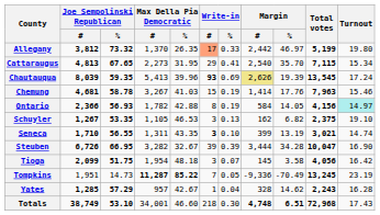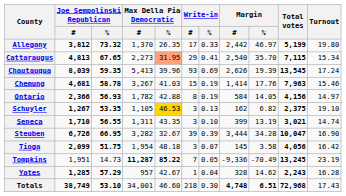 <table class="wikitable sortable" style="text-align:right;font-size:90%;line-height:1.3">
 <tr>
 <th rowspan="2">County</th>
 <th colspan="2"><a href='#'>Joe Sempolinski</a><br><a href='#'>Republican</a></th>
 <th colspan="2">Max Della Pia<br><a href='#'>Democratic</a></th>
 <th colspan="2"><a href='#'>Write-in</a></th>
 <th colspan="2">Margin</th>
 <th rowspan="2">Total<br>votes</th>
 <th rowspan="2">Turnout</th>
 </tr>
 <tr>
 <th data-sort-type="number">#</th>
 <th data-sort-type="number">%</th>
 <th data-sort-type="number">#</th>
 <th data-sort-type="number">%</th>
 <th data-sort-type="number">#</th>
 <th data-sort-type="number">%</th>
 <th data-sort-type="number">#</th>
 <th data-sort-type="number">%</th>
 </tr>
 <tr>
 <th><a href='#'>Allegany</a></th>
 <td><strong>3,812</strong></td>
 <td><strong>73.32</strong></td>
 <td>1,370</td>
 <td>26.35</td>
-<td style="background: lightsalmon;">17</td>
+<td>17</td>
 <td>0.33</td>
 <td>2,442</td>
 <td>46.97</td>
 <td><strong>5,199</strong></td>
 <td>19.80</td>
 </tr>
 <tr>
 <th><a href='#'>Cattaraugus</a></th>
 <td><strong>4,813</strong></td>
 <td><strong>67.65</strong></td>
 <td>2,273</td>
-<td>31.95</td>
+<td style="background: lightsalmon;">31.95</td>
 <td>29</td>
 <td>0.41</td>
 <td>2,540</td>
 <td>35.70</td>
 <td><strong>7,115</strong></td>
 <td>15.34</td>
 </tr>
 <tr>
 <th><a href='#'>Chautauqua</a></th>
 <td><strong>8,039</strong></td>
 <td><strong>59.35</strong></td>
 <td>5,413</td>
 <td>39.96</td>
-<td><strong>93</strong></td>
+<td>93</td>
 <td>0.69</td>
-<td style="background: khaki;">2,626</td>
+<td>2,626</td>
 <td>19.39</td>
 <td><strong>13,545</strong></td>
 <td>17.24</td>
 </tr>
 <tr>
 <th><a href='#'>Chemung</a></th>
 <td><strong>4,681</strong></td>
 <td><strong>58.78</strong></td>
 <td>3,267</td>
 <td>41.03</td>
 <td>15</td>
 <td>0.19</td>
 <td>1,414</td>
 <td>17.76</td>
 <td><strong>7,963</strong></td>
 <td>15.46</td>
 </tr>
 <tr>
 <th><a href='#'>Ontario</a> </th>
 <td><strong>2,366</strong></td>
 <td><strong>56.93</strong></td>
 <td>1,782</td>
 <td>42.88</td>
 <td>8</td>
 <td>0.19</td>
 <td>584</td>
 <td>14.05</td>
 <td><strong>4,156</strong></td>
-<td style="background: paleturquoise;">14.97</td>
+<td>14.97</td>
 </tr>
 <tr>
 <th><a href='#'>Schuyler</a></th>
 <td><strong>1,267</strong></td>
 <td><strong>53.35</strong></td>
 <td>1,105</td>
-<td>46.53</td>
+<td style="background: gold;">46.53</td>
 <td>3</td>
 <td>0.13</td>
 <td>162</td>
 <td>6.82</td>
 <td><strong>2,375</strong></td>
 <td>19.10</td>
 </tr>
 <tr>
 <th><a href='#'>Seneca</a></th>
 <td><strong>1,710</strong></td>
 <td><strong>56.55</strong></td>
 <td>1,311</td>
 <td>43.35</td>
-<td><strong>3</strong></td>
+<td>3</td>
 <td>0.10</td>
 <td>399</td>
 <td>13.19</td>
 <td><strong>3,021</strong></td>
 <td>14.74</td>
 </tr>
 <tr>
 <th><a href='#'>Steuben</a></th>
 <td><strong>6,726</strong></td>
 <td><strong>66.95</strong></td>
 <td>3,282</td>
 <td>32.67</td>
 <td>39</td>
 <td>0.39</td>
 <td>3,444</td>
 <td>34.28</td>
 <td><strong>10,047</strong></td>
 <td>16.90</td>
 </tr>
 <tr>
 <th><a href='#'>Tioga</a> </th>
 <td><strong>2,099</strong></td>
 <td><strong>51.75</strong></td>
 <td>1,954</td>
 <td>48.18</td>
 <td>3</td>
 <td>0.07</td>
 <td>145</td>
 <td>3.58</td>
 <td><strong>4,056</strong></td>
 <td>16.42</td>
 </tr>
 <tr>
 <th><a href='#'>Tompkins</a></th>
 <td>1,951</td>
 <td>14.73</td>
 <td><strong>11,287</strong></td>
 <td><strong>85.22</strong></td>
 <td>7</td>
 <td>0.05</td>
 <td>-9,336</td>
 <td>-70.49</td>
 <td><strong>13,245</strong></td>
 <td>23.19</td>
 </tr>
 <tr>
 <th><a href='#'>Yates</a></th>
 <td><strong>1,285</strong></td>
 <td><strong>57.29</strong></td>
 <td>957</td>
 <td>42.67</td>
 <td>1</td>
 <td>0.04</td>
 <td>328</td>
 <td>14.62</td>
 <td><strong>2,243</strong></td>
 <td>16.28</td>
 </tr>
 <tr class="sortbottom">
 <th>Totals</th>
 <td><strong>38,749</strong></td>
 <td><strong>53.10</strong></td>
 <td>34,001</td>
 <td>46.60</td>
 <td>218</td>
 <td>0.30</td>
 <td><strong>4,748</strong></td>
 <td><strong>6.51</strong></td>
 <td><strong>72,968</strong></td>
 <td>17.43</td>
 </tr>
 </table>
